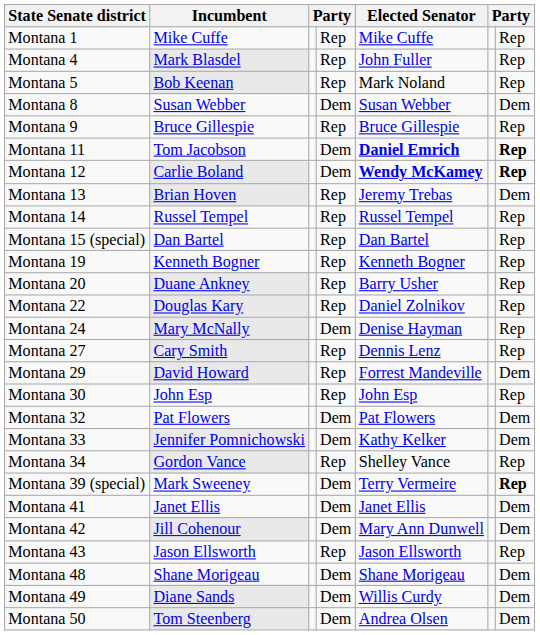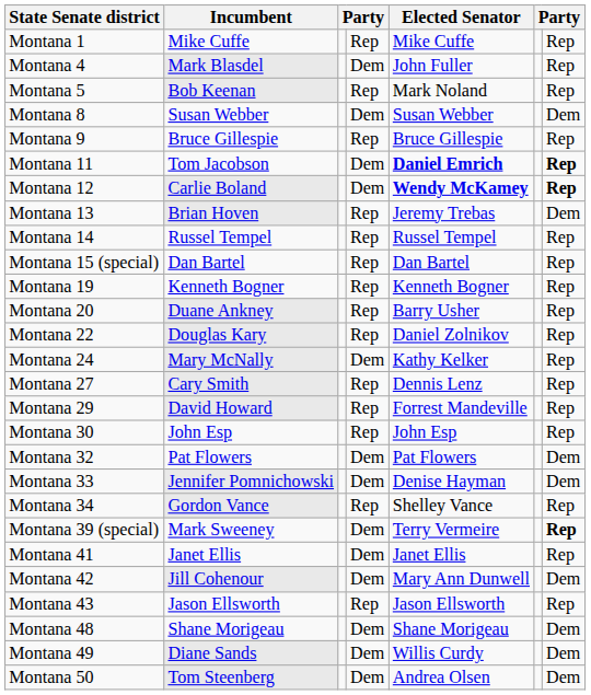 <table class="sortable wikitable" style="font-size:95%;line-height:14px;">
 <tr>
 <th colspan="1">State Senate district</th>
 <th class="unsortable">Incumbent</th>
 <th colspan="2">Party</th>
 <th class="unsortable">Elected Senator</th>
 <th colspan="2">Party</th>
 </tr>
 <tr>
 <td>Montana 1</td>
 <td><a href='#'>Mike Cuffe</a></td>
 <td style="background:"></td>
 <td>Rep</td>
 <td><a href='#'>Mike Cuffe</a></td>
 <td style="background:"></td>
 <td>Rep</td>
 </tr>
 <tr>
 <td>Montana 4</td>
 <td style="background:#E9E9E9;"><a href='#'>Mark Blasdel</a></td>
 <td style="background:"></td>
-<td>Rep</td>
+<td>Dem</td>
 <td><a href='#'>John Fuller</a></td>
 <td style="background:"></td>
 <td>Rep</td>
 </tr>
 <tr>
 <td>Montana 5</td>
 <td style="background:#E9E9E9;"><a href='#'>Bob Keenan</a></td>
 <td style="background:"></td>
 <td>Rep</td>
 <td>Mark Noland</td>
 <td style="background:"></td>
 <td>Rep</td>
 </tr>
 <tr>
 <td>Montana 8</td>
 <td><a href='#'>Susan Webber</a></td>
 <td style="background:"></td>
 <td>Dem</td>
 <td><a href='#'>Susan Webber</a></td>
 <td style="background:"></td>
 <td>Dem</td>
 </tr>
 <tr>
 <td>Montana 9</td>
 <td><a href='#'>Bruce Gillespie</a></td>
 <td style="background:"></td>
 <td>Rep</td>
 <td><a href='#'>Bruce Gillespie</a></td>
 <td style="background:"></td>
 <td>Rep</td>
 </tr>
 <tr>
 <td>Montana 11</td>
 <td><a href='#'>Tom Jacobson</a></td>
 <td style="background:"></td>
 <td>Dem</td>
 <td><strong><a href='#'>Daniel Emrich</a></strong></td>
 <td style="background:"></td>
 <td><strong>Rep</strong></td>
 </tr>
 <tr>
 <td>Montana 12</td>
 <td style="background:#E9E9E9;"><a href='#'>Carlie Boland</a></td>
 <td style="background:"></td>
 <td>Dem</td>
 <td><strong><a href='#'>Wendy McKamey</a></strong></td>
 <td style="background:"></td>
 <td><strong>Rep</strong></td>
 </tr>
 <tr>
 <td>Montana 13</td>
 <td style="background:#E9E9E9;"><a href='#'>Brian Hoven</a></td>
 <td style="background:"></td>
 <td>Rep</td>
 <td><a href='#'>Jeremy Trebas</a></td>
 <td style="background:"></td>
 <td>Dem</td>
 </tr>
 <tr>
 <td>Montana 14</td>
 <td><a href='#'>Russel Tempel</a></td>
 <td style="background:"></td>
 <td>Rep</td>
 <td><a href='#'>Russel Tempel</a></td>
 <td style="background:"></td>
 <td>Rep</td>
 </tr>
 <tr>
 <td>Montana 15 (special)</td>
 <td><a href='#'>Dan Bartel</a></td>
 <td style="background:"></td>
 <td>Rep</td>
 <td><a href='#'>Dan Bartel</a></td>
 <td style="background:"></td>
 <td>Rep</td>
 </tr>
 <tr>
 <td>Montana 19</td>
 <td><a href='#'>Kenneth Bogner</a></td>
 <td style="background:"></td>
 <td>Rep</td>
 <td><a href='#'>Kenneth Bogner</a></td>
 <td style="background:"></td>
 <td>Rep</td>
 </tr>
 <tr>
 <td>Montana 20</td>
 <td style="background:#E9E9E9;"><a href='#'>Duane Ankney</a></td>
 <td style="background:"></td>
 <td>Rep</td>
 <td><a href='#'>Barry Usher</a></td>
 <td style="background:"></td>
 <td>Rep</td>
 </tr>
 <tr>
 <td>Montana 22</td>
 <td style="background:#E9E9E9;"><a href='#'>Douglas Kary</a></td>
 <td style="background:"></td>
 <td>Rep</td>
 <td><a href='#'>Daniel Zolnikov</a></td>
 <td style="background:"></td>
 <td>Rep</td>
 </tr>
 <tr>
 <td>Montana 24</td>
 <td style="background:#E9E9E9;"><a href='#'>Mary McNally</a></td>
 <td style="background:"></td>
 <td>Dem</td>
-<td><a href='#'>Denise Hayman</a></td>
+<td><a href='#'>Kathy Kelker</a></td>
 <td style="background:"></td>
 <td>Rep</td>
 </tr>
 <tr>
 <td>Montana 27</td>
 <td style="background:#E9E9E9;"><a href='#'>Cary Smith</a></td>
 <td style="background:"></td>
 <td>Rep</td>
 <td><a href='#'>Dennis Lenz</a></td>
 <td style="background:"></td>
 <td>Rep</td>
 </tr>
 <tr>
 <td>Montana 29</td>
 <td style="background:#E9E9E9;"><a href='#'>David Howard</a></td>
 <td style="background:"></td>
 <td>Rep</td>
 <td><a href='#'>Forrest Mandeville</a></td>
 <td style="background:"></td>
-<td>Dem</td>
+<td>Rep</td>
 </tr>
 <tr>
 <td>Montana 30</td>
 <td><a href='#'>John Esp</a></td>
 <td style="background:"></td>
 <td>Rep</td>
 <td><a href='#'>John Esp</a></td>
 <td style="background:"></td>
 <td>Rep</td>
 </tr>
 <tr>
 <td>Montana 32</td>
 <td><a href='#'>Pat Flowers</a></td>
 <td style="background:"></td>
 <td>Dem</td>
 <td><a href='#'>Pat Flowers</a></td>
 <td style="background:"></td>
 <td>Dem</td>
 </tr>
 <tr>
 <td>Montana 33</td>
 <td style="background:#E9E9E9;"><a href='#'>Jennifer Pomnichowski</a></td>
 <td style="background:"></td>
 <td>Dem</td>
-<td><a href='#'>Kathy Kelker</a></td>
+<td><a href='#'>Denise Hayman</a></td>
 <td style="background:"></td>
 <td>Dem</td>
 </tr>
 <tr>
 <td>Montana 34</td>
 <td style="background:#E9E9E9;"><a href='#'>Gordon Vance</a></td>
 <td style="background:"></td>
 <td>Rep</td>
 <td>Shelley Vance</td>
 <td style="background:"></td>
 <td>Rep</td>
 </tr>
 <tr>
 <td>Montana 39 (special)</td>
 <td><a href='#'>Mark Sweeney</a></td>
 <td style="background:"></td>
 <td>Dem</td>
 <td><a href='#'>Terry Vermeire</a></td>
 <td style="background:"></td>
 <td><strong>Rep</strong></td>
 </tr>
 <tr>
 <td>Montana 41</td>
 <td><a href='#'>Janet Ellis</a></td>
 <td style="background:"></td>
 <td>Dem</td>
 <td><a href='#'>Janet Ellis</a></td>
 <td style="background:"></td>
-<td>Dem</td>
+<td>Rep</td>
 </tr>
 <tr>
 <td>Montana 42</td>
 <td style="background:#E9E9E9;"><a href='#'>Jill Cohenour</a></td>
 <td style="background:"></td>
 <td>Dem</td>
 <td><a href='#'>Mary Ann Dunwell</a></td>
 <td style="background:"></td>
 <td>Dem</td>
 </tr>
 <tr>
 <td>Montana 43</td>
 <td><a href='#'>Jason Ellsworth</a></td>
 <td style="background:"></td>
 <td>Rep</td>
 <td><a href='#'>Jason Ellsworth</a></td>
 <td style="background:"></td>
 <td>Rep</td>
 </tr>
 <tr>
 <td>Montana 48</td>
 <td><a href='#'>Shane Morigeau</a></td>
 <td style="background:"></td>
 <td>Dem</td>
 <td><a href='#'>Shane Morigeau</a></td>
 <td style="background:"></td>
 <td>Dem</td>
 </tr>
 <tr>
 <td>Montana 49</td>
 <td style="background:#E9E9E9;"><a href='#'>Diane Sands</a></td>
 <td style="background:"></td>
 <td>Dem</td>
 <td><a href='#'>Willis Curdy</a></td>
 <td style="background:"></td>
 <td>Dem</td>
 </tr>
 <tr>
 <td>Montana 50</td>
 <td style="background:#E9E9E9;"><a href='#'>Tom Steenberg</a></td>
 <td style="background:"></td>
 <td>Dem</td>
 <td><a href='#'>Andrea Olsen</a></td>
 <td style="background:"></td>
 <td>Dem</td>
 </tr>
 </table>
